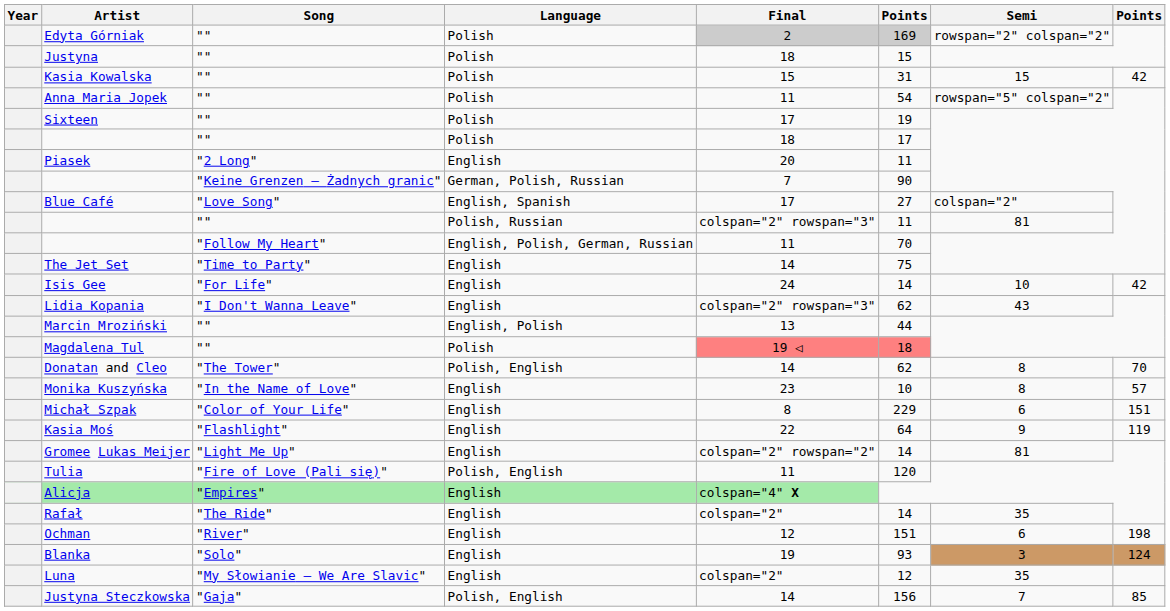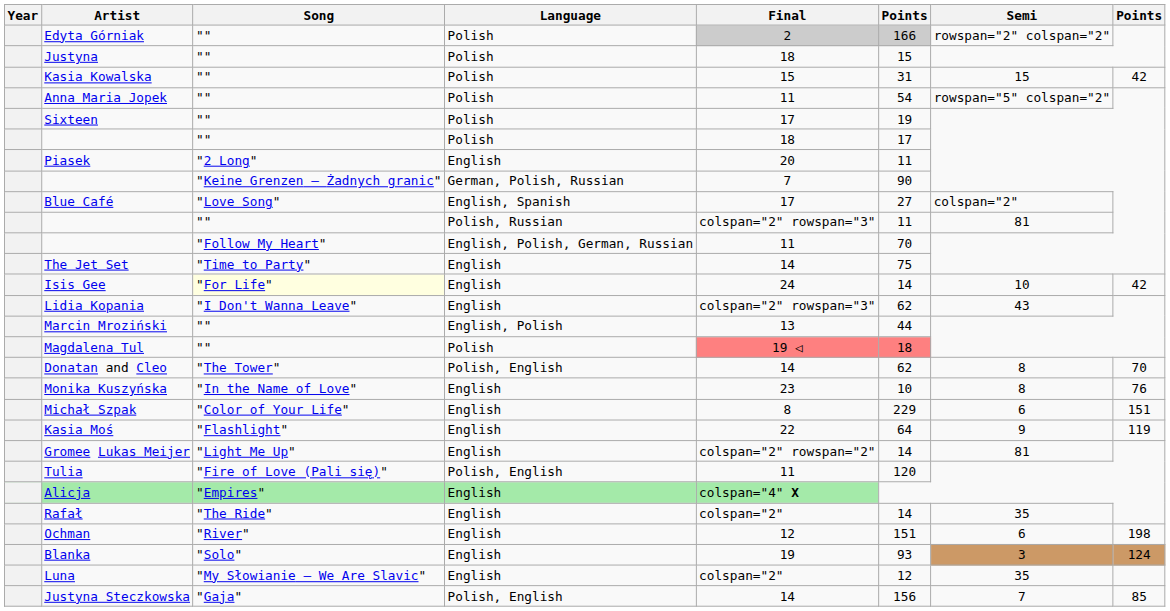 <table class="wikitable sortable plainrowheaders">
 <tr>
 <th scope="col">Year</th>
 <th scope="col">Artist</th>
 <th scope="col">Song</th>
 <th scope="col">Language</th>
 <th scope="col" data-sort-type="number">Final</th>
 <th scope="col" data-sort-type="number">Points</th>
 <th scope="col" data-sort-type="number">Semi</th>
 <th scope="col" data-sort-type="number">Points</th>
 </tr>
 <tr>
 <th scope="row" style="text-align:center;"></th>
 <td><a href='#'>Edyta Górniak</a></td>
 <td>""</td>
 <td>Polish</td>
 <td style="text-align:center; background-color:#CCC;">2</td>
-<td style="text-align:center; background-color:#CCC;">169</td>
+<td style="text-align:center; background-color:#CCC;">166</td>
 <td>rowspan="2" colspan="2" </td>
 </tr>
 <tr>
 <th scope="row" style="text-align:center;"></th>
 <td><a href='#'>Justyna</a></td>
 <td>""</td>
 <td>Polish</td>
 <td style="text-align:center;">18</td>
 <td style="text-align:center;">15</td>
 </tr>
 <tr>
 <th scope="row" style="text-align:center;"></th>
 <td><a href='#'>Kasia Kowalska</a></td>
 <td>""</td>
 <td>Polish</td>
 <td style="text-align:center;">15</td>
 <td style="text-align:center;">31</td>
 <td style="text-align:center;">15</td>
 <td style="text-align:center;">42</td>
 </tr>
 <tr>
 <th scope="row" style="text-align:center;"></th>
 <td><a href='#'>Anna Maria Jopek</a></td>
 <td>""</td>
 <td>Polish</td>
 <td style="text-align:center;">11</td>
 <td style="text-align:center;">54</td>
 <td>rowspan="5" colspan="2" </td>
 </tr>
 <tr>
 <th scope="row" style="text-align:center;"></th>
 <td><a href='#'>Sixteen</a></td>
 <td>""</td>
 <td>Polish</td>
 <td style="text-align:center;">17</td>
 <td style="text-align:center;">19</td>
 </tr>
 <tr>
 <th scope="row" style="text-align:center;"></th>
 <td></td>
 <td>""</td>
 <td>Polish</td>
 <td style="text-align:center;">18</td>
 <td style="text-align:center;">17</td>
 </tr>
 <tr>
 <th scope="row" style="text-align:center;"></th>
 <td><a href='#'>Piasek</a></td>
 <td>"<a href='#'>2 Long</a>"</td>
 <td>English</td>
 <td style="text-align:center;">20</td>
 <td style="text-align:center;">11</td>
 </tr>
 <tr>
 <th scope="row" style="text-align:center;"></th>
 <td></td>
 <td>"<a href='#'><span>Keine Grenzen</span> – <span>Żadnych granic</span></a>"</td>
 <td>German, Polish, Russian</td>
 <td style="text-align:center;">7</td>
 <td style="text-align:center;">90</td>
 </tr>
 <tr>
 <th scope="row" style="text-align:center;"></th>
 <td><a href='#'>Blue Café</a></td>
 <td>"<a href='#'>Love Song</a>"</td>
 <td>English, Spanish</td>
 <td style="text-align:center;">17</td>
 <td style="text-align:center;">27</td>
 <td>colspan="2" </td>
 </tr>
 <tr>
 <th scope="row" style="text-align:center;"></th>
 <td></td>
 <td>""</td>
 <td>Polish, Russian</td>
 <td>colspan="2" rowspan="3" </td>
 <td style="text-align:center;">11</td>
 <td style="text-align:center;">81</td>
 </tr>
 <tr>
 <th scope="row" style="text-align:center;"></th>
 <td></td>
 <td>"<a href='#'>Follow My Heart</a>"</td>
 <td>English, Polish, German, Russian</td>
 <td style="text-align:center;">11</td>
 <td style="text-align:center;">70</td>
 </tr>
 <tr>
 <th scope="row" style="text-align:center;"></th>
 <td><a href='#'>The Jet Set</a></td>
 <td>"<a href='#'>Time to Party</a>"</td>
 <td>English</td>
 <td style="text-align:center;">14</td>
 <td style="text-align:center;">75</td>
 </tr>
 <tr>
 <th scope="row" style="text-align:center;"></th>
 <td><a href='#'>Isis Gee</a></td>
-<td>"<a href='#'>For Life</a>"</td>
+<td style="background: lightyellow;">"<a href='#'>For Life</a>"</td>
 <td>English</td>
 <td style="text-align:center;">24</td>
 <td style="text-align:center;">14</td>
 <td style="text-align:center;">10</td>
 <td style="text-align:center;">42</td>
 </tr>
 <tr>
 <th scope="row" style="text-align:center;"></th>
 <td><a href='#'>Lidia Kopania</a></td>
 <td>"<a href='#'>I Don't Wanna Leave</a>"</td>
 <td>English</td>
 <td>colspan="2" rowspan="3" </td>
 <td style="text-align:center;">62</td>
 <td style="text-align:center;">43</td>
 </tr>
 <tr>
 <th scope="row" style="text-align:center;"></th>
 <td><a href='#'>Marcin Mroziński</a></td>
 <td>""</td>
 <td>English, Polish</td>
 <td style="text-align:center;">13</td>
 <td style="text-align:center;">44</td>
 </tr>
 <tr>
 <th scope="row" style="text-align:center;"></th>
 <td><a href='#'>Magdalena Tul</a></td>
 <td>""</td>
 <td>Polish</td>
 <td style="text-align:center; background-color:#FE8080;">19 ◁</td>
 <td style="text-align:center; background-color:#FE8080;">18</td>
 </tr>
 <tr>
 <th scope="row" style="text-align:center;"></th>
 <td><a href='#'>Donatan</a> and <a href='#'>Cleo</a></td>
 <td>"<a href='#'>The Tower</a>"</td>
 <td>Polish, English</td>
 <td style="text-align:center;">14</td>
 <td style="text-align:center;">62</td>
 <td style="text-align:center;">8</td>
 <td style="text-align:center;">70</td>
 </tr>
 <tr>
 <th scope="row" style="text-align:center;"></th>
 <td><a href='#'>Monika Kuszyńska</a></td>
 <td>"<a href='#'>In the Name of Love</a>"</td>
 <td>English</td>
 <td style="text-align:center;">23</td>
 <td style="text-align:center;">10</td>
 <td style="text-align:center;">8</td>
-<td style="text-align:center;">57</td>
+<td style="text-align:center;">76</td>
 </tr>
 <tr>
 <th scope="row" style="text-align:center;"></th>
 <td><a href='#'>Michał Szpak</a></td>
 <td>"<a href='#'>Color of Your Life</a>"</td>
 <td>English</td>
 <td style="text-align:center;">8</td>
 <td style="text-align:center;">229</td>
 <td style="text-align:center;">6</td>
 <td style="text-align:center;">151</td>
 </tr>
 <tr>
 <th scope="row" style="text-align:center;"></th>
 <td><a href='#'>Kasia Moś</a></td>
 <td>"<a href='#'>Flashlight</a>"</td>
 <td>English</td>
 <td style="text-align:center;">22</td>
 <td style="text-align:center;">64</td>
 <td style="text-align:center;">9</td>
 <td style="text-align:center;">119</td>
 </tr>
 <tr>
 <th scope="row" style="text-align:center;"></th>
 <td><a href='#'>Gromee</a>  <a href='#'>Lukas Meijer</a></td>
 <td>"<a href='#'>Light Me Up</a>"</td>
 <td>English</td>
 <td>colspan="2" rowspan="2" </td>
 <td style="text-align:center;">14</td>
 <td style="text-align:center;">81</td>
 </tr>
 <tr>
 <th scope="row" style="text-align:center;"></th>
 <td><a href='#'>Tulia</a></td>
 <td>"<a href='#'>Fire of Love (<span>Pali się</span>)</a>"</td>
 <td>Polish, English</td>
 <td style="text-align:center;">11</td>
 <td style="text-align:center;">120</td>
 </tr>
 <tr style="background-color:#A4EAA9;">
 <th scope="row" style="text-align:center;"></th>
 <td><a href='#'>Alicja</a></td>
 <td>"<a href='#'>Empires</a>"</td>
 <td>English</td>
 <td>colspan="4"  <strong>X</strong></td>
 </tr>
 <tr>
 <th scope="row" style="text-align:center;"></th>
 <td><a href='#'>Rafał</a></td>
 <td>"<a href='#'>The Ride</a>"</td>
 <td>English</td>
 <td>colspan="2" </td>
 <td style="text-align:center;">14</td>
 <td style="text-align:center;">35</td>
 </tr>
 <tr>
 <th scope="row" style="text-align:center;"></th>
 <td><a href='#'>Ochman</a></td>
 <td>"<a href='#'>River</a>"</td>
 <td>English</td>
 <td style="text-align:center;">12</td>
 <td style="text-align:center;">151</td>
 <td style="text-align:center;">6</td>
 <td style="text-align:center;">198</td>
 </tr>
 <tr>
 <th scope="row" style="text-align:center;"></th>
 <td><a href='#'>Blanka</a></td>
 <td>"<a href='#'>Solo</a>"</td>
 <td>English</td>
 <td style="text-align:center;">19</td>
 <td style="text-align:center;">93</td>
 <td style="text-align:center; background-color:#C96;">3</td>
 <td style="text-align:center; background-color:#C96;">124</td>
 </tr>
 <tr>
 <th scope="row" style="text-align:center;"></th>
 <td><a href='#'>Luna</a></td>
 <td>"<a href='#'><span>My Słowianie</span> – We Are Slavic</a>"</td>
 <td>English</td>
 <td>colspan="2" </td>
 <td style="text-align:center;">12</td>
 <td style="text-align:center;">35</td>
 </tr>
 <tr>
 <th scope="row" style="text-align:center;"></th>
 <td><a href='#'>Justyna Steczkowska</a></td>
 <td>"<a href='#'>Gaja</a>"</td>
 <td>Polish, English</td>
 <td style="text-align:center;">14</td>
 <td style="text-align:center;">156</td>
 <td style="text-align:center;">7</td>
 <td style="text-align:center;">85</td>
 </tr>
 </table>
